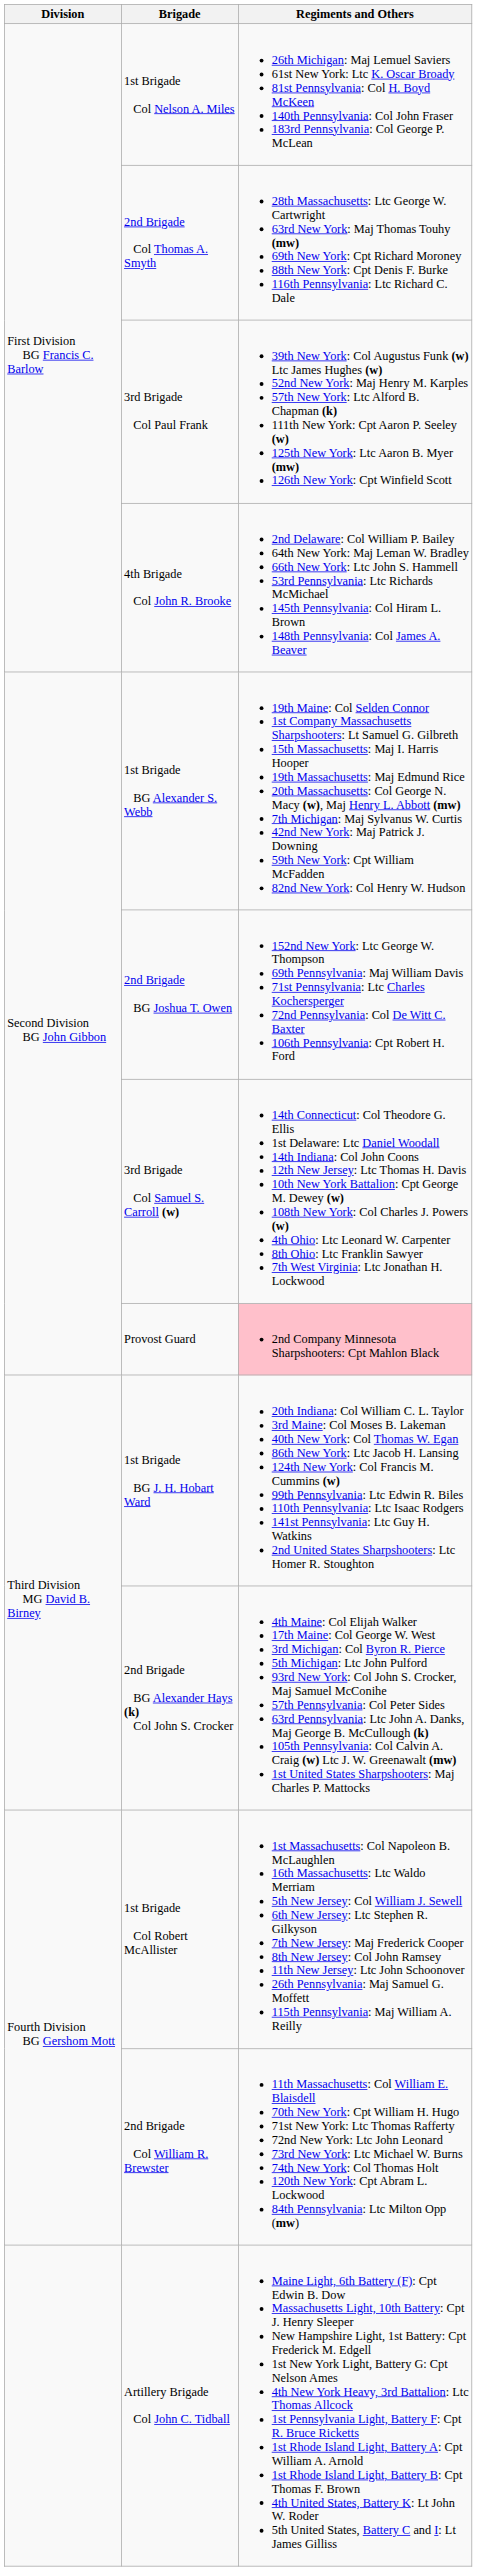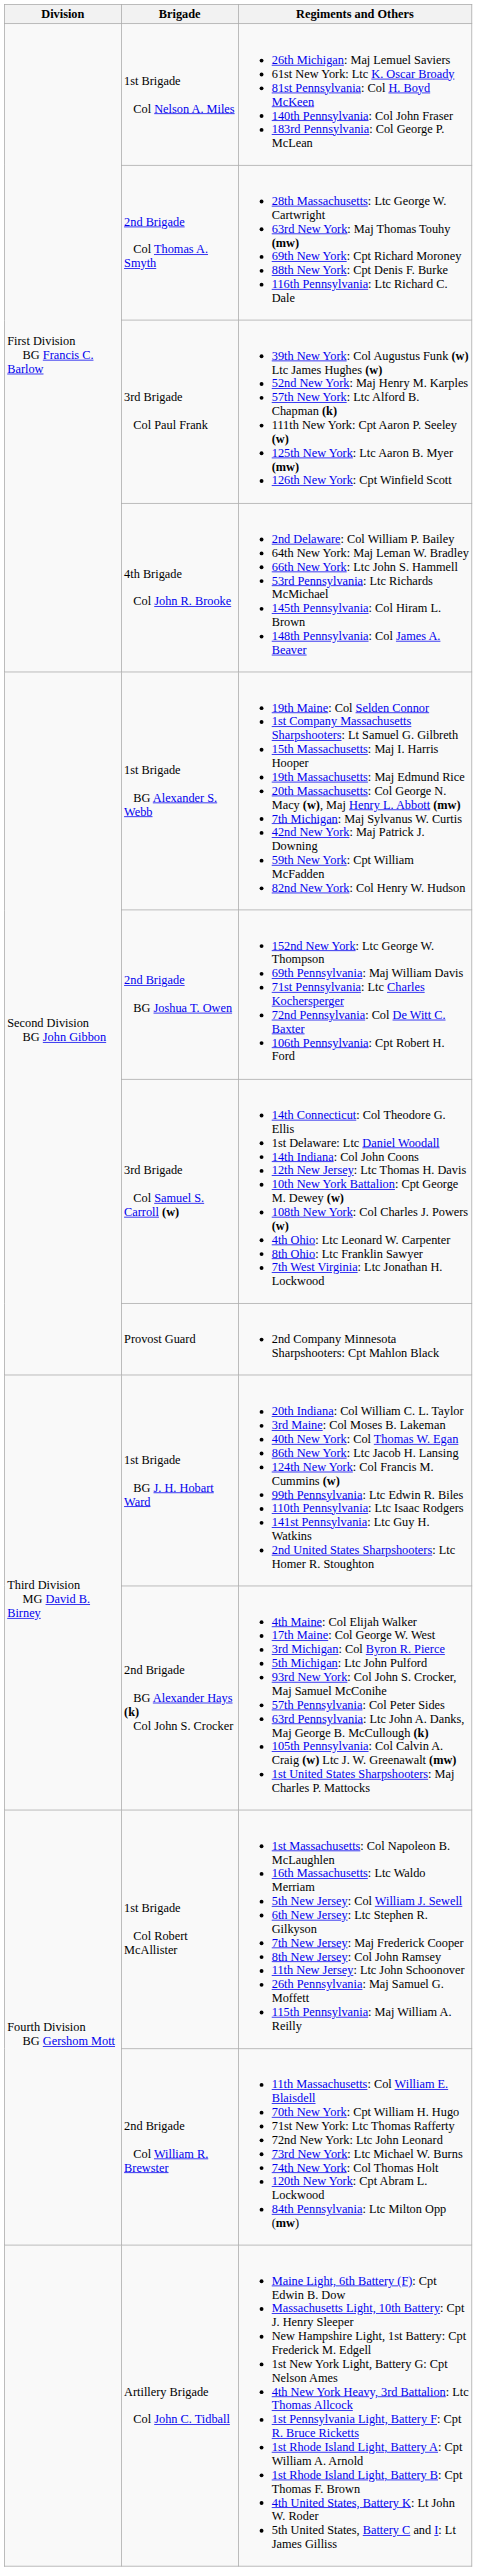 <table class="wikitable">
 <tr>
 <th width=25%>Division</th>
 <th width=25%>Brigade</th>
 <th>Regiments and Others</th>
 </tr>
 <tr>
 <td rowspan=4><br>First Division <br>     BG <a href='#'>Francis C. Barlow</a></td>
 <td>1st Brigade<br><br>   Col <a href='#'>Nelson A. Miles</a></td>
 <td><br><ul><li><a href='#'>26th Michigan</a>: Maj Lemuel Saviers</li><li>61st New York: Ltc <a href='#'>K. Oscar Broady</a></li><li><a href='#'>81st Pennsylvania</a>: Col <a href='#'>H. Boyd McKeen</a></li><li><a href='#'>140th Pennsylvania</a>: Col John Fraser</li><li><a href='#'>183rd Pennsylvania</a>: Col George P. McLean</li></ul></td>
 </tr>
 <tr>
 <td><a href='#'>2nd Brigade</a><br><br>   Col <a href='#'>Thomas A. Smyth</a></td>
 <td><br><ul><li><a href='#'>28th Massachusetts</a>: Ltc George W. Cartwright</li><li><a href='#'>63rd New York</a>: Maj Thomas Touhy <strong>(mw)</strong></li><li><a href='#'>69th New York</a>: Cpt Richard Moroney</li><li><a href='#'>88th New York</a>: Cpt Denis F. Burke</li><li><a href='#'>116th Pennsylvania</a>: Ltc Richard C. Dale</li></ul></td>
 </tr>
 <tr>
 <td>3rd Brigade<br><br>   Col Paul Frank</td>
 <td><br><ul><li><a href='#'>39th New York</a>: Col Augustus Funk <strong>(w)</strong> Ltc James Hughes <strong>(w)</strong></li><li><a href='#'>52nd New York</a>: Maj Henry M. Karples</li><li><a href='#'>57th New York</a>: Ltc Alford B. Chapman <strong>(k)</strong></li><li>111th New York: Cpt Aaron P. Seeley <strong>(w)</strong></li><li><a href='#'>125th New York</a>: Ltc Aaron B. Myer <strong>(mw)</strong></li><li><a href='#'>126th New York</a>: Cpt Winfield Scott</li></ul></td>
 </tr>
 <tr>
 <td>4th Brigade<br><br>   Col <a href='#'>John R. Brooke</a></td>
 <td><br><ul><li><a href='#'>2nd Delaware</a>: Col William P. Bailey</li><li>64th New York: Maj Leman W. Bradley</li><li><a href='#'>66th New York</a>: Ltc John S. Hammell</li><li><a href='#'>53rd Pennsylvania</a>: Ltc Richards McMichael</li><li><a href='#'>145th Pennsylvania</a>: Col Hiram L. Brown</li><li><a href='#'>148th Pennsylvania</a>: Col <a href='#'>James A. Beaver</a></li></ul></td>
 </tr>
 <tr>
 <td rowspan=4><br>Second Division <br>     BG <a href='#'>John Gibbon</a></td>
 <td>1st Brigade<br><br>   BG <a href='#'>Alexander S. Webb</a></td>
 <td><br><ul><li><a href='#'>19th Maine</a>: Col <a href='#'>Selden Connor</a></li><li><a href='#'>1st Company Massachusetts Sharpshooters</a>: Lt Samuel G. Gilbreth</li><li><a href='#'>15th Massachusetts</a>: Maj I. Harris Hooper</li><li><a href='#'>19th Massachusetts</a>: Maj Edmund Rice</li><li><a href='#'>20th Massachusetts</a>: Col George N. Macy <strong>(w)</strong>, Maj <a href='#'>Henry L. Abbott</a> <strong>(mw)</strong></li><li><a href='#'>7th Michigan</a>: Maj Sylvanus W. Curtis</li><li><a href='#'>42nd New York</a>: Maj Patrick J. Downing</li><li><a href='#'>59th New York</a>: Cpt William McFadden</li><li><a href='#'>82nd New York</a>: Col Henry W. Hudson</li></ul></td>
 </tr>
 <tr>
 <td><a href='#'>2nd Brigade</a><br><br>   BG <a href='#'>Joshua T. Owen</a></td>
 <td><br><ul><li><a href='#'>152nd New York</a>: Ltc George W. Thompson</li><li><a href='#'>69th Pennsylvania</a>: Maj William Davis</li><li><a href='#'>71st Pennsylvania</a>: Ltc <a href='#'>Charles Kochersperger</a></li><li><a href='#'>72nd Pennsylvania</a>: Col <a href='#'>De Witt C. Baxter</a></li><li><a href='#'>106th Pennsylvania</a>: Cpt Robert H. Ford</li></ul></td>
 </tr>
 <tr>
 <td>3rd Brigade<br><br>   Col <a href='#'>Samuel S. Carroll</a> <strong>(w)</strong></td>
 <td><br><ul><li><a href='#'>14th Connecticut</a>: Col Theodore G. Ellis</li><li>1st Delaware: Ltc <a href='#'>Daniel Woodall</a></li><li><a href='#'>14th Indiana</a>: Col John Coons</li><li><a href='#'>12th New Jersey</a>: Ltc Thomas H. Davis</li><li><a href='#'>10th New York Battalion</a>: Cpt George M. Dewey <strong>(w)</strong></li><li><a href='#'>108th New York</a>: Col Charles J. Powers <strong>(w)</strong></li><li><a href='#'>4th Ohio</a>: Ltc Leonard W. Carpenter</li><li><a href='#'>8th Ohio</a>: Ltc Franklin Sawyer</li><li><a href='#'>7th West Virginia</a>: Ltc Jonathan H. Lockwood</li></ul></td>
 </tr>
 <tr>
 <td>Provost Guard</td>
-<td style="background: pink;"><br><ul><li>2nd Company Minnesota Sharpshooters: Cpt Mahlon Black</li></ul></td>
+<td><br><ul><li>2nd Company Minnesota Sharpshooters: Cpt Mahlon Black</li></ul></td>
 </tr>
 <tr>
 <td rowspan=2><br>Third Division <br>     MG <a href='#'>David B. Birney</a></td>
 <td>1st Brigade<br><br>   BG <a href='#'>J. H. Hobart Ward</a></td>
 <td><br><ul><li><a href='#'>20th Indiana</a>: Col William C. L. Taylor</li><li><a href='#'>3rd Maine</a>: Col Moses B. Lakeman</li><li><a href='#'>40th New York</a>: Col <a href='#'>Thomas W. Egan</a></li><li><a href='#'>86th New York</a>: Ltc Jacob H. Lansing</li><li><a href='#'>124th New York</a>: Col Francis M. Cummins <strong>(w)</strong></li><li><a href='#'>99th Pennsylvania</a>: Ltc Edwin R. Biles</li><li><a href='#'>110th Pennsylvania</a>: Ltc Isaac Rodgers</li><li><a href='#'>141st Pennsylvania</a>: Ltc Guy H. Watkins</li><li><a href='#'>2nd United States Sharpshooters</a>: Ltc Homer R. Stoughton</li></ul></td>
 </tr>
 <tr>
 <td>2nd Brigade<br><br>   BG <a href='#'>Alexander Hays</a> <strong>(k)</strong> <br>   Col John S. Crocker</td>
 <td><br><ul><li><a href='#'>4th Maine</a>: Col Elijah Walker</li><li><a href='#'>17th Maine</a>: Col George W. West</li><li><a href='#'>3rd Michigan</a>: Col <a href='#'>Byron R. Pierce</a></li><li><a href='#'>5th Michigan</a>: Ltc John Pulford</li><li><a href='#'>93rd New York</a>: Col John S. Crocker, Maj Samuel McConihe</li><li><a href='#'>57th Pennsylvania</a>: Col Peter Sides</li><li><a href='#'>63rd Pennsylvania</a>: Ltc John A. Danks, Maj George B. McCullough <strong>(k)</strong></li><li><a href='#'>105th Pennsylvania</a>: Col Calvin A. Craig <strong>(w)</strong> Ltc J. W. Greenawalt <strong>(mw)</strong></li><li><a href='#'>1st United States Sharpshooters</a>: Maj Charles P. Mattocks</li></ul></td>
 </tr>
 <tr>
 <td rowspan=2><br>Fourth Division <br>     BG <a href='#'>Gershom Mott</a></td>
 <td>1st Brigade<br><br>   Col Robert McAllister</td>
 <td><br><ul><li><a href='#'>1st Massachusetts</a>: Col Napoleon B. McLaughlen</li><li><a href='#'>16th Massachusetts</a>: Ltc Waldo Merriam</li><li><a href='#'>5th New Jersey</a>: Col <a href='#'>William J. Sewell</a></li><li><a href='#'>6th New Jersey</a>: Ltc Stephen R. Gilkyson</li><li><a href='#'>7th New Jersey</a>: Maj Frederick Cooper</li><li><a href='#'>8th New Jersey</a>: Col John Ramsey</li><li><a href='#'>11th New Jersey</a>: Ltc John Schoonover</li><li><a href='#'>26th Pennsylvania</a>: Maj Samuel G. Moffett</li><li><a href='#'>115th Pennsylvania</a>: Maj William A. Reilly</li></ul></td>
 </tr>
 <tr>
 <td>2nd Brigade<br><br>   Col <a href='#'>William R. Brewster</a></td>
 <td><br><ul><li><a href='#'>11th Massachusetts</a>: Col <a href='#'>William E. Blaisdell</a></li><li><a href='#'>70th New York</a>: Cpt William H. Hugo</li><li>71st New York: Ltc Thomas Rafferty</li><li>72nd New York: Ltc John Leonard</li><li><a href='#'>73rd New York</a>: Ltc Michael W. Burns</li><li><a href='#'>74th New York</a>: Col Thomas Holt</li><li><a href='#'>120th New York</a>: Cpt Abram L. Lockwood</li><li><a href='#'>84th Pennsylvania</a>: Ltc Milton Opp (<strong>mw</strong>)</li></ul></td>
 </tr>
 <tr>
 <td></td>
 <td>Artillery Brigade<br><br>   Col <a href='#'>John C. Tidball</a></td>
 <td><br><ul><li><a href='#'>Maine Light, 6th Battery (F)</a>: Cpt Edwin B. Dow</li><li><a href='#'>Massachusetts Light, 10th Battery</a>: Cpt J. Henry Sleeper</li><li>New Hampshire Light, 1st Battery: Cpt Frederick M. Edgell</li><li>1st New York Light, Battery G: Cpt Nelson Ames</li><li><a href='#'>4th New York Heavy, 3rd Battalion</a>: Ltc <a href='#'>Thomas Allcock</a></li><li><a href='#'>1st Pennsylvania Light, Battery F</a>: Cpt <a href='#'>R. Bruce Ricketts</a></li><li><a href='#'>1st Rhode Island Light, Battery A</a>: Cpt William A. Arnold</li><li><a href='#'>1st Rhode Island Light, Battery B</a>: Cpt Thomas F. Brown</li><li><a href='#'>4th United States, Battery K</a>: Lt John W. Roder</li><li>5th United States, <a href='#'>Battery C</a> and <a href='#'>I</a>: Lt James Gilliss</li></ul></td>
 </tr>
 </table>
